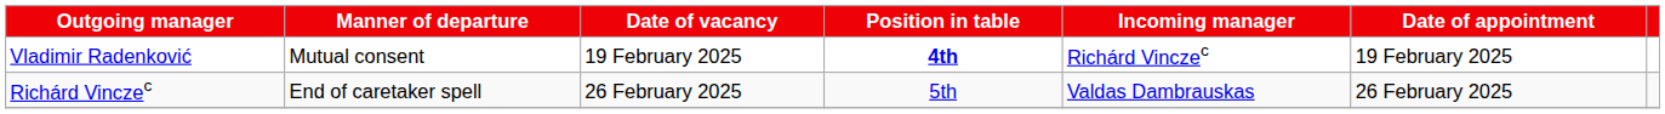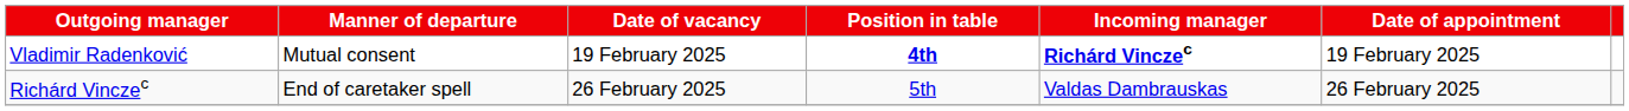 <table class="wikitable sortable" style="text-align:left; font-size:95%; width:100%;">
 <tr>
 <th style="background-color:#ee0107; color:#ffffff;">Outgoing manager</th>
 <th style="background-color:#ee0107; color:#ffffff;">Manner of departure</th>
 <th style="background-color:#ee0107; color:#ffffff;">Date of vacancy</th>
 <th style="background-color:#ee0107; color:#ffffff;">Position in table</th>
 <th style="background-color:#ee0107; color:#ffffff;">Incoming manager</th>
 <th style="background-color:#ee0107; color:#ffffff;">Date of appointment</th>
 <th style="background-color:#ee0107; color:#ffffff;" class="unsortable"></th>
 </tr>
 <tr bgcolor="white">
 <td> <a href='#'>Vladimir Radenković</a></td>
 <td>Mutual consent</td>
 <td>19 February 2025</td>
 <td align="center"><strong><a href='#'>4th</a></strong></td>
-<td> <a href='#'>Richárd Vincze</a><sup>c</sup></td>
+<td><strong> <a href='#'>Richárd Vincze</a><sup>c</sup></strong></td>
 <td>19 February 2025</td>
 <td></td>
 </tr>
 <tr>
 <td> <a href='#'>Richárd Vincze</a><sup>c</sup></td>
 <td>End of caretaker spell</td>
 <td>26 February 2025</td>
 <td align="center"><a href='#'>5th</a></td>
 <td> <a href='#'>Valdas Dambrauskas</a></td>
 <td>26 February 2025</td>
 <td></td>
 </tr>
 <tr>
 </tr>
 </table>
